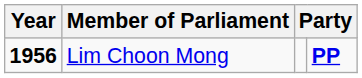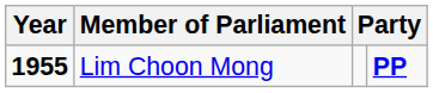 <table class="wikitable">
 <tr>
 <th>Year</th>
 <th>Member of Parliament</th>
 <th colspan="2">Party</th>
 </tr>
 <tr>
-<td><strong>1956</strong></td>
+<td><strong>1955</strong></td>
 <td><a href='#'>Lim Choon Mong</a></td>
 <td></td>
 <td><strong><a href='#'>PP</a></strong></td>
 </tr>
 </table>
